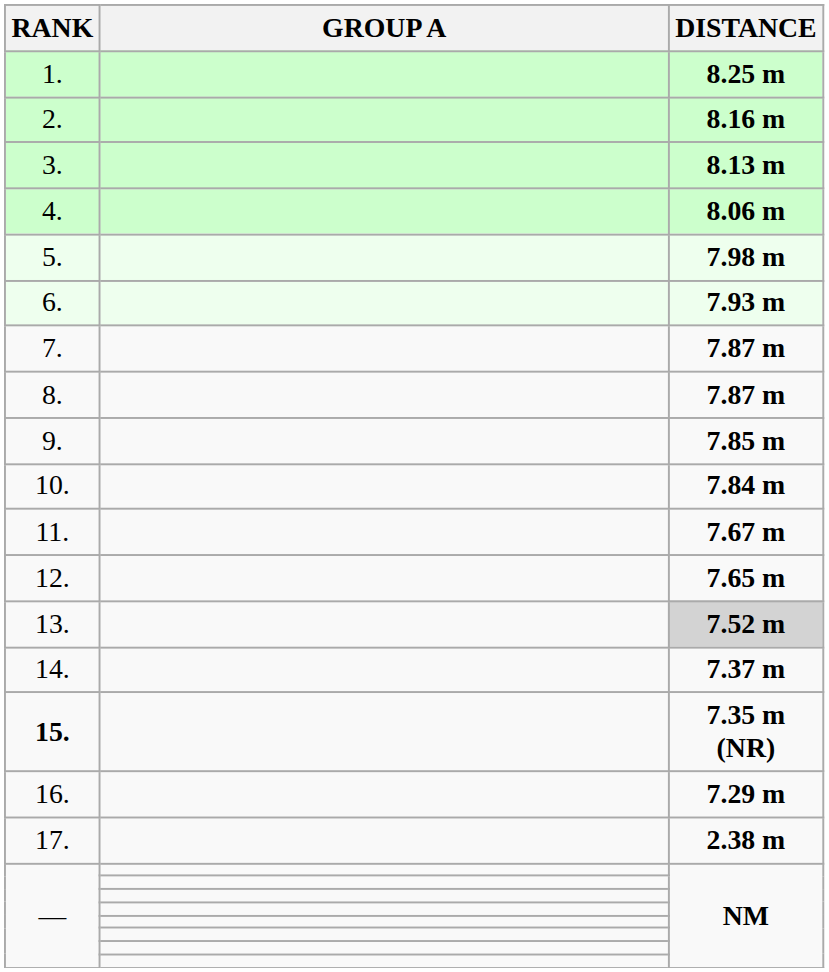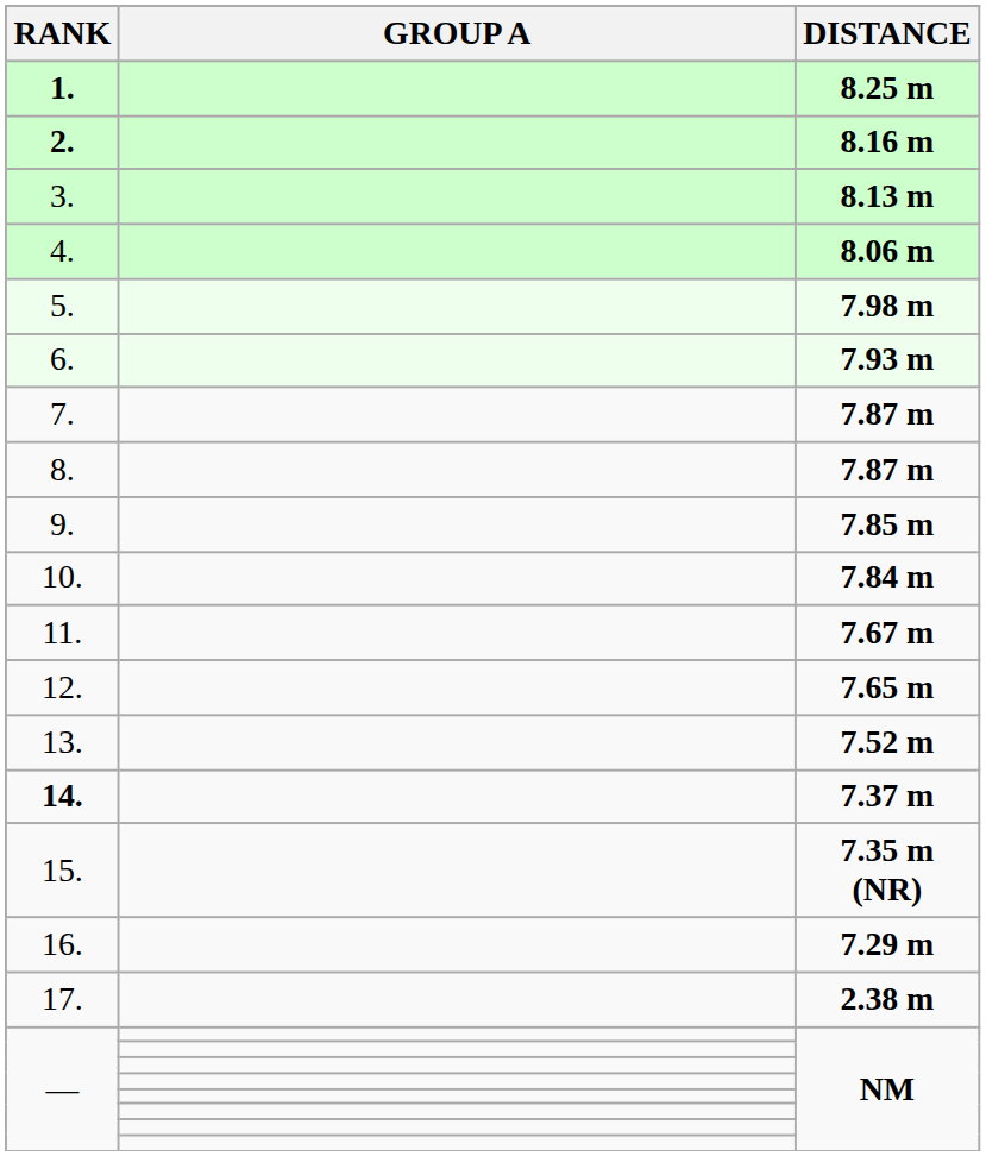 <table class="wikitable" style="border-collapse: collapse; font-size: 90%;">
 <tr>
 <th>RANK</th>
 <th style="width: 20em">GROUP A</th>
 <th style="width: 5em">DISTANCE</th>
 </tr>
 <tr style="background:#ccffcc;">
-<td align="center">1.</td>
+<td align="center"><strong>1.</strong></td>
 <td></td>
 <td align="center"><strong>8.25 m </strong></td>
 </tr>
 <tr style="background:#ccffcc;">
-<td align="center">2.</td>
+<td align="center"><strong>2.</strong></td>
 <td></td>
 <td align="center"><strong>8.16 m </strong></td>
 </tr>
 <tr style="background:#ccffcc;">
 <td align="center">3.</td>
 <td></td>
 <td align="center"><strong>8.13 m </strong></td>
 </tr>
 <tr style="background:#ccffcc;">
 <td align="center">4.</td>
 <td></td>
 <td align="center"><strong>8.06 m </strong></td>
 </tr>
 <tr style="background:#eeffee;">
 <td align="center">5.</td>
 <td></td>
 <td align="center"><strong>7.98 m </strong></td>
 </tr>
 <tr style="background:#eeffee;">
 <td align="center">6.</td>
 <td></td>
 <td align="center"><strong>7.93 m </strong></td>
 </tr>
 <tr>
 <td align="center">7.</td>
 <td></td>
 <td align="center"><strong>7.87 m </strong></td>
 </tr>
 <tr>
 <td align="center">8.</td>
 <td></td>
 <td align="center"><strong>7.87 m </strong></td>
 </tr>
 <tr>
 <td align="center">9.</td>
 <td></td>
 <td align="center"><strong>7.85 m </strong></td>
 </tr>
 <tr>
 <td align="center">10.</td>
 <td></td>
 <td align="center"><strong>7.84 m </strong></td>
 </tr>
 <tr>
 <td align="center">11.</td>
 <td></td>
 <td align="center"><strong>7.67 m </strong></td>
 </tr>
 <tr>
 <td align="center">12.</td>
 <td></td>
 <td align="center"><strong>7.65 m </strong></td>
 </tr>
 <tr>
 <td align="center">13.</td>
 <td></td>
-<td align="center" style="background: lightgrey;"><strong>7.52 m </strong></td>
+<td align="center"><strong>7.52 m </strong></td>
 </tr>
 <tr>
-<td align="center">14.</td>
+<td align="center"><strong>14.</strong></td>
 <td></td>
 <td align="center"><strong>7.37 m </strong></td>
 </tr>
 <tr>
-<td align="center"><strong>15.</strong></td>
+<td align="center">15.</td>
 <td></td>
 <td align="center"><strong>7.35 m (NR)</strong></td>
 </tr>
 <tr>
 <td align="center">16.</td>
 <td></td>
 <td align="center"><strong>7.29 m </strong></td>
 </tr>
 <tr>
 <td align="center">17.</td>
 <td></td>
 <td align="center"><strong>2.38 m </strong></td>
 </tr>
 <tr>
 <td rowspan=8 align="center">—</td>
 <td></td>
 <td rowspan=8 align="center"><strong>NM</strong></td>
 </tr>
 <tr>
 <td></td>
 </tr>
 <tr>
 <td></td>
 </tr>
 <tr>
 <td></td>
 </tr>
 <tr>
 <td></td>
 </tr>
 <tr>
 <td></td>
 </tr>
 <tr>
 <td></td>
 </tr>
 <tr>
 <td></td>
 </tr>
 </table>
